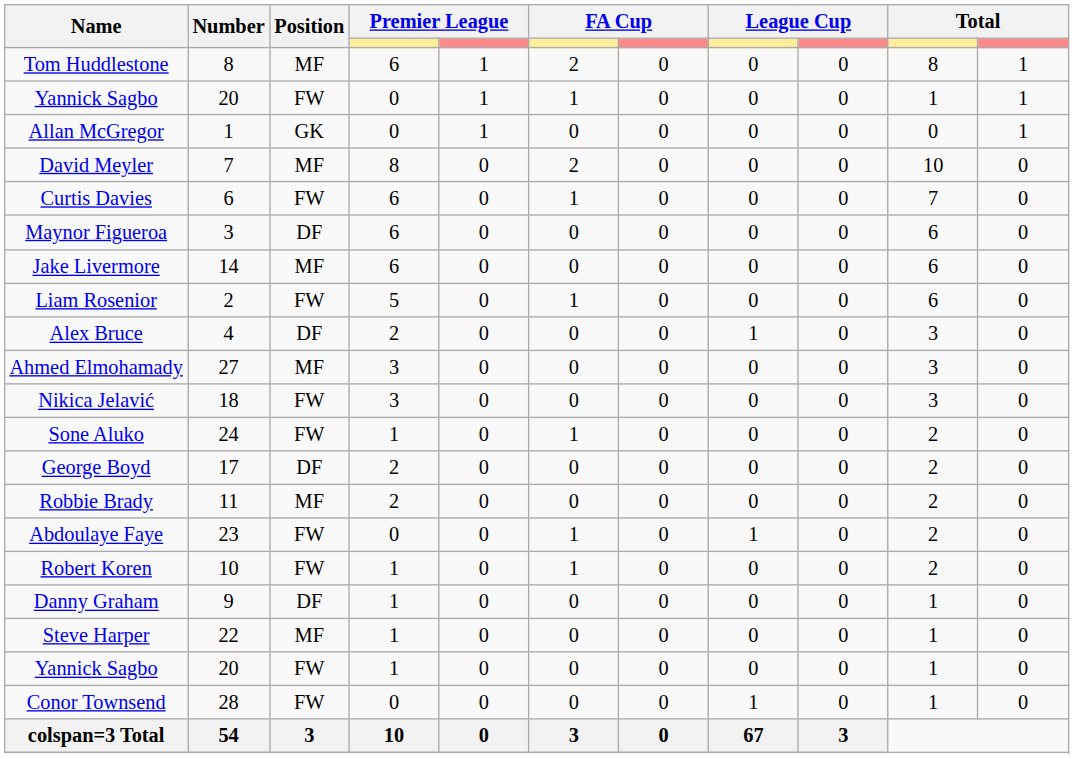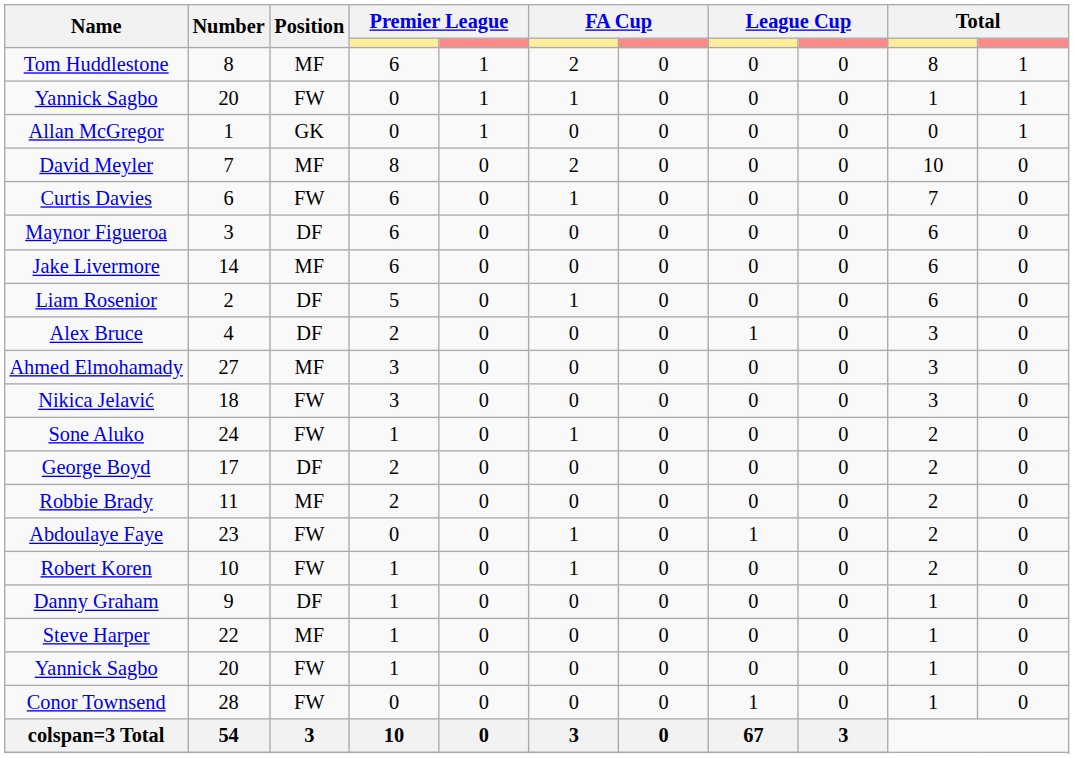 <table class="wikitable" style="font-size: 95%; text-align: center;">
 <tr>
 <th rowspan=2>Name</th>
 <th rowspan=2>Number</th>
 <th rowspan=2>Position</th>
 <th colspan=2><a href='#'>Premier League</a></th>
 <th colspan=2><a href='#'>FA Cup</a></th>
 <th colspan=2><a href='#'>League Cup</a></th>
 <th colspan=2>Total</th>
 </tr>
 <tr>
 <th width=60 style="background:#FFEE99"></th>
 <th width=60 style="background:#FF8888"></th>
 <th width=60 style="background:#FFEE99"></th>
 <th width=60 style="background:#FF8888"></th>
 <th width=60 style="background:#FFEE99"></th>
 <th width=60 style="background:#FF8888"></th>
 <th width=60 style="background:#FFEE99"></th>
 <th width=60 style="background:#FF8888"></th>
 </tr>
 <tr>
 <td><a href='#'>Tom Huddlestone</a></td>
 <td>8</td>
 <td>MF</td>
 <td>6</td>
 <td>1</td>
 <td>2</td>
 <td>0</td>
 <td>0</td>
 <td>0</td>
 <td>8</td>
 <td>1</td>
 </tr>
 <tr>
 <td><a href='#'>Yannick Sagbo</a></td>
 <td>20</td>
 <td>FW</td>
 <td>0</td>
 <td>1</td>
 <td>1</td>
 <td>0</td>
 <td>0</td>
 <td>0</td>
 <td>1</td>
 <td>1</td>
 </tr>
 <tr>
 <td><a href='#'>Allan McGregor</a></td>
 <td>1</td>
 <td>GK</td>
 <td>0</td>
 <td>1</td>
 <td>0</td>
 <td>0</td>
 <td>0</td>
 <td>0</td>
 <td>0</td>
 <td>1</td>
 </tr>
 <tr>
 <td><a href='#'>David Meyler</a></td>
 <td>7</td>
 <td>MF</td>
 <td>8</td>
 <td>0</td>
 <td>2</td>
 <td>0</td>
 <td>0</td>
 <td>0</td>
 <td>10</td>
 <td>0</td>
 </tr>
 <tr>
 <td><a href='#'>Curtis Davies</a></td>
 <td>6</td>
 <td>FW</td>
 <td>6</td>
 <td>0</td>
 <td>1</td>
 <td>0</td>
 <td>0</td>
 <td>0</td>
 <td>7</td>
 <td>0</td>
 </tr>
 <tr>
 <td><a href='#'>Maynor Figueroa</a></td>
 <td>3</td>
 <td>DF</td>
 <td>6</td>
 <td>0</td>
 <td>0</td>
 <td>0</td>
 <td>0</td>
 <td>0</td>
 <td>6</td>
 <td>0</td>
 </tr>
 <tr>
 <td><a href='#'>Jake Livermore</a></td>
 <td>14</td>
 <td>MF</td>
 <td>6</td>
 <td>0</td>
 <td>0</td>
 <td>0</td>
 <td>0</td>
 <td>0</td>
 <td>6</td>
 <td>0</td>
 </tr>
 <tr>
 <td><a href='#'>Liam Rosenior</a></td>
 <td>2</td>
-<td>FW</td>
+<td>DF</td>
 <td>5</td>
 <td>0</td>
 <td>1</td>
 <td>0</td>
 <td>0</td>
 <td>0</td>
 <td>6</td>
 <td>0</td>
 </tr>
 <tr>
 <td><a href='#'>Alex Bruce</a></td>
 <td>4</td>
 <td>DF</td>
 <td>2</td>
 <td>0</td>
 <td>0</td>
 <td>0</td>
 <td>1</td>
 <td>0</td>
 <td>3</td>
 <td>0</td>
 </tr>
 <tr>
 <td><a href='#'>Ahmed Elmohamady</a></td>
 <td>27</td>
 <td>MF</td>
 <td>3</td>
 <td>0</td>
 <td>0</td>
 <td>0</td>
 <td>0</td>
 <td>0</td>
 <td>3</td>
 <td>0</td>
 </tr>
 <tr>
 <td><a href='#'>Nikica Jelavić</a></td>
 <td>18</td>
 <td>FW</td>
 <td>3</td>
 <td>0</td>
 <td>0</td>
 <td>0</td>
 <td>0</td>
 <td>0</td>
 <td>3</td>
 <td>0</td>
 </tr>
 <tr>
 <td><a href='#'>Sone Aluko</a></td>
 <td>24</td>
 <td>FW</td>
 <td>1</td>
 <td>0</td>
 <td>1</td>
 <td>0</td>
 <td>0</td>
 <td>0</td>
 <td>2</td>
 <td>0</td>
 </tr>
 <tr>
 <td><a href='#'>George Boyd</a></td>
 <td>17</td>
 <td>DF</td>
 <td>2</td>
 <td>0</td>
 <td>0</td>
 <td>0</td>
 <td>0</td>
 <td>0</td>
 <td>2</td>
 <td>0</td>
 </tr>
 <tr>
 <td><a href='#'>Robbie Brady</a></td>
 <td>11</td>
 <td>MF</td>
 <td>2</td>
 <td>0</td>
 <td>0</td>
 <td>0</td>
 <td>0</td>
 <td>0</td>
 <td>2</td>
 <td>0</td>
 </tr>
 <tr>
 <td><a href='#'>Abdoulaye Faye</a></td>
 <td>23</td>
 <td>FW</td>
 <td>0</td>
 <td>0</td>
 <td>1</td>
 <td>0</td>
 <td>1</td>
 <td>0</td>
 <td>2</td>
 <td>0</td>
 </tr>
 <tr>
 <td><a href='#'>Robert Koren</a></td>
 <td>10</td>
 <td>FW</td>
 <td>1</td>
 <td>0</td>
 <td>1</td>
 <td>0</td>
 <td>0</td>
 <td>0</td>
 <td>2</td>
 <td>0</td>
 </tr>
 <tr>
 <td><a href='#'>Danny Graham</a></td>
 <td>9</td>
 <td>DF</td>
 <td>1</td>
 <td>0</td>
 <td>0</td>
 <td>0</td>
 <td>0</td>
 <td>0</td>
 <td>1</td>
 <td>0</td>
 </tr>
 <tr>
 <td><a href='#'>Steve Harper</a></td>
 <td>22</td>
 <td>MF</td>
 <td>1</td>
 <td>0</td>
 <td>0</td>
 <td>0</td>
 <td>0</td>
 <td>0</td>
 <td>1</td>
 <td>0</td>
 </tr>
 <tr>
 <td><a href='#'>Yannick Sagbo</a></td>
 <td>20</td>
 <td>FW</td>
 <td>1</td>
 <td>0</td>
 <td>0</td>
 <td>0</td>
 <td>0</td>
 <td>0</td>
 <td>1</td>
 <td>0</td>
 </tr>
 <tr>
 <td><a href='#'>Conor Townsend</a></td>
 <td>28</td>
 <td>FW</td>
 <td>0</td>
 <td>0</td>
 <td>0</td>
 <td>0</td>
 <td>1</td>
 <td>0</td>
 <td>1</td>
 <td>0</td>
 </tr>
 <tr>
 <th>colspan=3 Total</th>
 <th>54</th>
 <th>3</th>
 <th>10</th>
 <th>0</th>
 <th>3</th>
 <th>0</th>
 <th>67</th>
 <th>3</th>
 </tr>
 <tr>
 </tr>
 </table>
